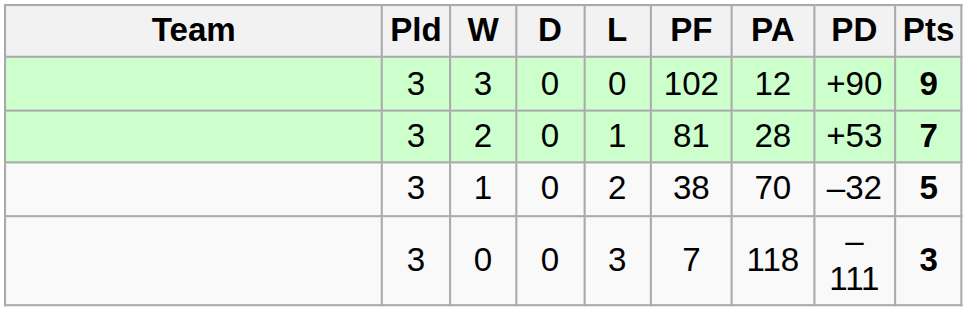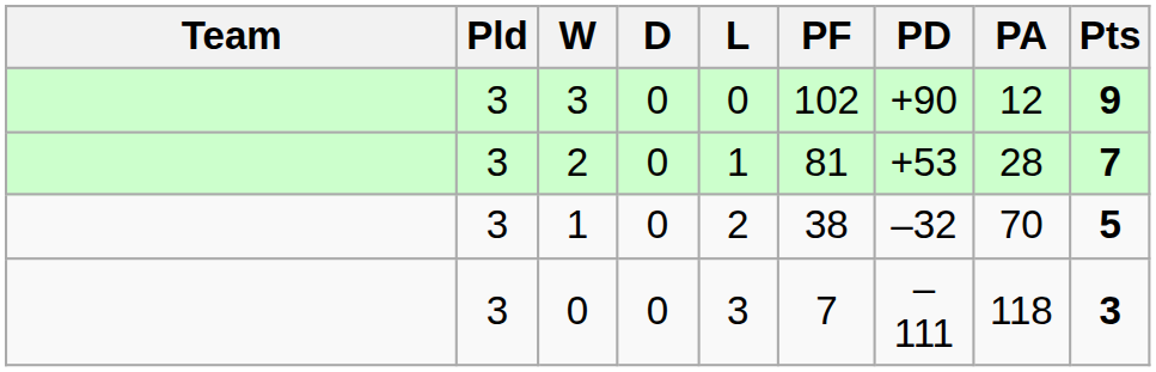 <table class="wikitable" style="text-align:center;">
 <tr>
 <th width=175>Team</th>
 <th width=25 abbr="Played">Pld</th>
 <th width=25 abbr="Won">W</th>
 <th width=25 abbr="Drawn">D</th>
 <th width=25 abbr="Lost">L</th>
 <th width=32 abbr="Points for">PF</th>
+<th width=32 abbr="Points difference">PD</th>
 <th width=32 abbr="Points against">PA</th>
-<th width=32 abbr="Points difference">PD</th>
 <th width=25 abbr="Points">Pts</th>
 </tr>
 <tr bgcolor=ccffcc>
 <td align=left></td>
 <td>3</td>
 <td>3</td>
 <td>0</td>
 <td>0</td>
 <td>102</td>
+<td>+90</td>
 <td>12</td>
-<td>+90</td>
 <td><strong>9</strong></td>
 </tr>
 <tr bgcolor=ccffcc>
 <td align=left></td>
 <td>3</td>
 <td>2</td>
 <td>0</td>
 <td>1</td>
 <td>81</td>
+<td>+53</td>
 <td>28</td>
-<td>+53</td>
 <td><strong>7</strong></td>
 </tr>
 <tr>
 <td align=left></td>
 <td>3</td>
 <td>1</td>
 <td>0</td>
 <td>2</td>
 <td>38</td>
+<td>–32</td>
 <td>70</td>
-<td>–32</td>
 <td><strong>5</strong></td>
 </tr>
 <tr>
 <td align=left></td>
 <td>3</td>
 <td>0</td>
 <td>0</td>
 <td>3</td>
 <td>7</td>
+<td>–111</td>
 <td>118</td>
-<td>–111</td>
 <td><strong>3</strong></td>
 </tr>
 </table>
